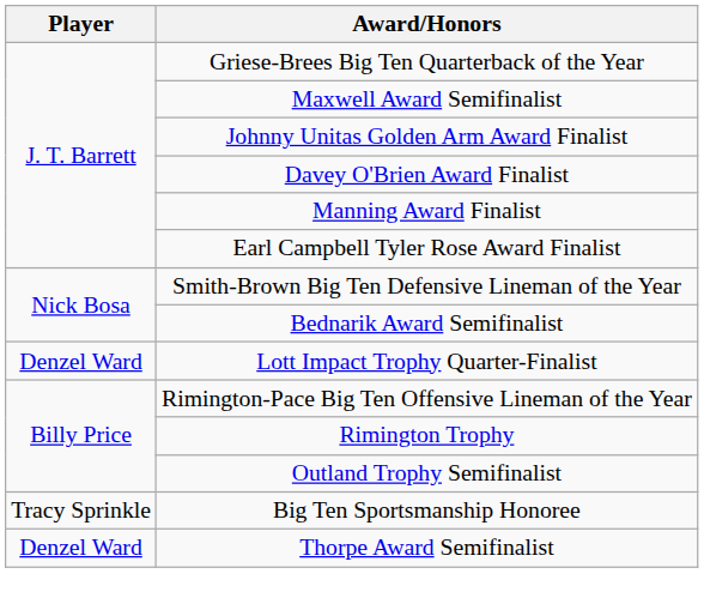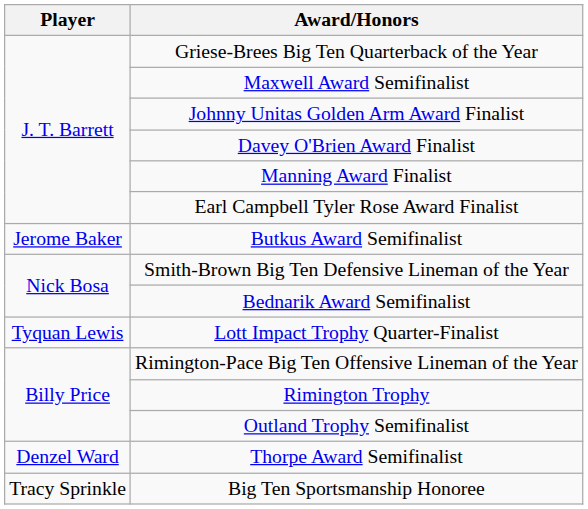 <table class="wikitable sortable sortable" style="text-align: center">
 <tr>
 <th>Player</th>
 <th>Award/Honors</th>
 </tr>
 <tr>
 <td rowspan="6"><a href='#'>J. T. Barrett</a></td>
 <td>Griese-Brees Big Ten Quarterback of the Year</td>
 </tr>
 <tr>
 <td><a href='#'>Maxwell Award</a> Semifinalist</td>
 </tr>
 <tr>
 <td><a href='#'>Johnny Unitas Golden Arm Award</a> Finalist</td>
 </tr>
 <tr>
 <td><a href='#'>Davey O'Brien Award</a> Finalist</td>
 </tr>
 <tr>
 <td><a href='#'>Manning Award</a> Finalist</td>
 </tr>
 <tr>
 <td>Earl Campbell Tyler Rose Award Finalist</td>
 </tr>
 <tr>
+<td><a href='#'>Jerome Baker</a></td>
+<td><a href='#'>Butkus Award</a> Semifinalist</td>
+</tr>
+<tr>
 <td rowspan="2"><a href='#'>Nick Bosa</a></td>
 <td>Smith-Brown Big Ten Defensive Lineman of the Year</td>
 </tr>
 <tr>
 <td><a href='#'>Bednarik Award</a> Semifinalist</td>
 </tr>
 <tr>
-<td><a href='#'>Denzel Ward</a></td>
+<td><a href='#'>Tyquan Lewis</a></td>
 <td><a href='#'>Lott Impact Trophy</a> Quarter-Finalist</td>
 </tr>
 <tr>
 <td rowspan="3"><a href='#'>Billy Price</a></td>
 <td>Rimington-Pace Big Ten Offensive Lineman of the Year</td>
 </tr>
 <tr>
 <td><a href='#'>Rimington Trophy</a></td>
 </tr>
 <tr>
 <td><a href='#'>Outland Trophy</a> Semifinalist</td>
 </tr>
 <tr>
+<td><a href='#'>Denzel Ward</a></td>
+<td><a href='#'>Thorpe Award</a> Semifinalist</td>
+</tr>
+<tr>
 <td>Tracy Sprinkle</td>
 <td>Big Ten Sportsmanship Honoree</td>
 </tr>
-<tr>
-<td><a href='#'>Denzel Ward</a></td>
-<td><a href='#'>Thorpe Award</a> Semifinalist</td>
-</tr>
 </table>
